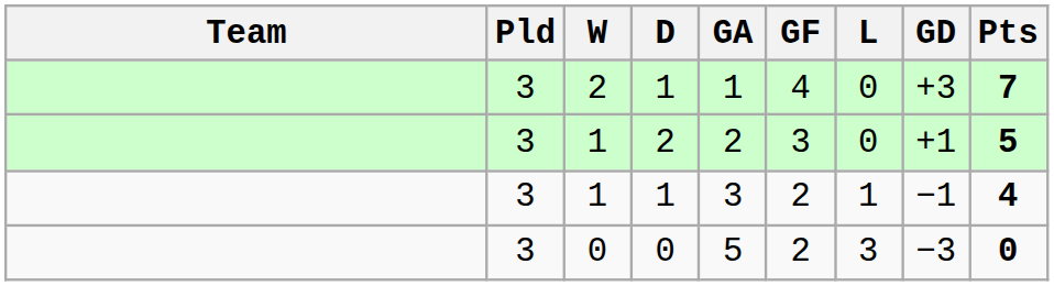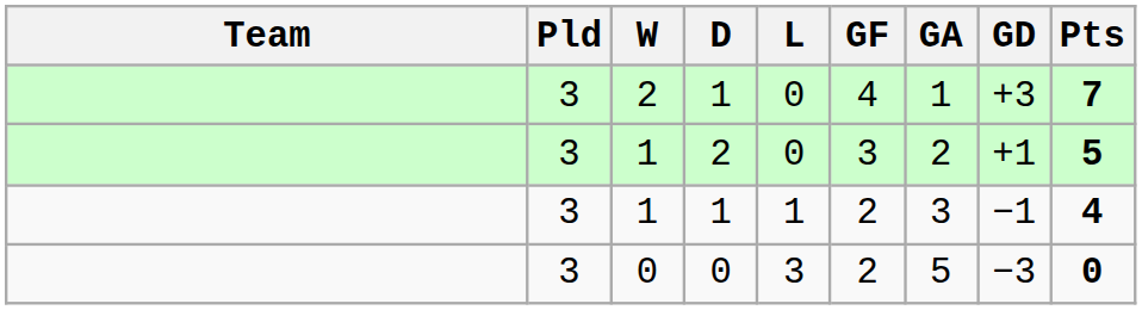 <table class="wikitable" style="text-align:center">
 <tr>
 <th width=180>Team</th>
 <th width=20>Pld</th>
 <th width=20>W</th>
 <th width=20>D</th>
+<th width=20>L</th>
+<th width=20>GF</th>
 <th width=20>GA</th>
-<th width=20>GF</th>
-<th width=20>L</th>
 <th width=20>GD</th>
 <th width=20>Pts</th>
 </tr>
 <tr bgcolor="#ccffcc">
 <td align="left"></td>
 <td>3</td>
 <td>2</td>
 <td>1</td>
+<td>0</td>
+<td>4</td>
 <td>1</td>
-<td>4</td>
-<td>0</td>
 <td>+3</td>
 <td><strong>7</strong></td>
 </tr>
 <tr bgcolor="#ccffcc">
 <td align="left"></td>
 <td>3</td>
 <td>1</td>
 <td>2</td>
+<td>0</td>
+<td>3</td>
 <td>2</td>
-<td>3</td>
-<td>0</td>
 <td>+1</td>
 <td><strong>5</strong></td>
 </tr>
 <tr>
 <td align="left"></td>
 <td>3</td>
 <td>1</td>
 <td>1</td>
+<td>1</td>
+<td>2</td>
 <td>3</td>
-<td>2</td>
-<td>1</td>
 <td>−1</td>
 <td><strong>4</strong></td>
 </tr>
 <tr>
 <td align="left"></td>
 <td>3</td>
 <td>0</td>
 <td>0</td>
+<td>3</td>
+<td>2</td>
 <td>5</td>
-<td>2</td>
-<td>3</td>
 <td>−3</td>
 <td><strong>0</strong></td>
 </tr>
 </table>
